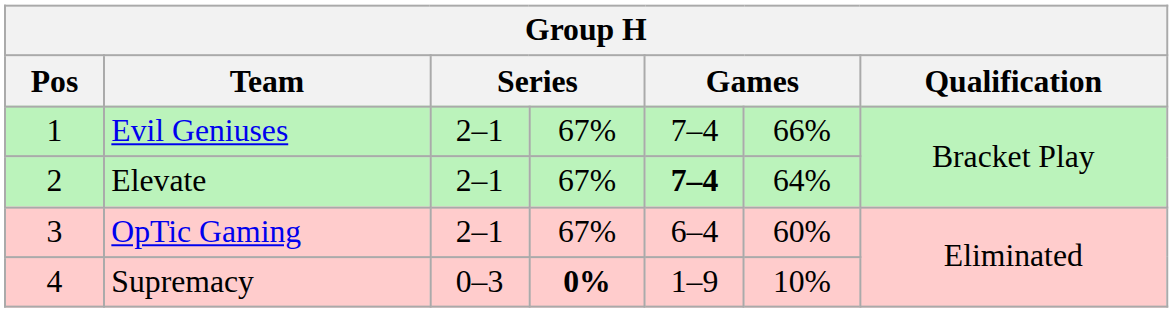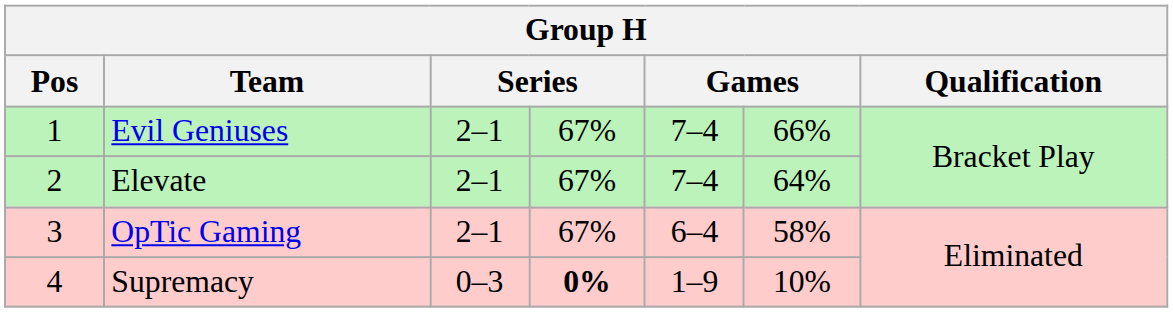 <table class="wikitable" style="display: inline-table; margin-left: 50px;width: 46.5%;">
 <tr>
 <th colspan="7">Group H</th>
 </tr>
 <tr>
 <th>Pos</th>
 <th>Team</th>
 <th colspan="2">Series</th>
 <th colspan="2">Games</th>
 <th>Qualification</th>
 </tr>
 <tr>
 <td style="text-align:center; background:#BBF3BB;">1</td>
 <td style="text-align:left; background:#BBF3BB;"><a href='#'>Evil Geniuses</a></td>
 <td style="text-align:center; background:#BBF3BB;">2–1</td>
 <td style="text-align:center; background:#BBF3BB;">67%</td>
 <td style="text-align:center; background:#BBF3BB;">7–4</td>
 <td style="text-align:center; background:#BBF3BB;">66%</td>
 <td style="text-align:center; background:#BBF3BB;" rowspan="2">Bracket Play</td>
 </tr>
 <tr>
 <td style="text-align:center; background:#BBF3BB;">2</td>
 <td style="text-align:left; background:#BBF3BB;">Elevate</td>
 <td style="text-align:center; background:#BBF3BB;">2–1</td>
 <td style="text-align:center; background:#BBF3BB;">67%</td>
-<td style="text-align:center; background:#BBF3BB;"><strong>7–4</strong></td>
+<td style="text-align:center; background:#BBF3BB;">7–4</td>
 <td style="text-align:center; background:#BBF3BB;">64%</td>
 </tr>
 <tr>
 <td style="text-align:center; background:#FFCCCC;">3</td>
 <td style="text-align:left; background:#FFCCCC;"><a href='#'>OpTic Gaming</a></td>
 <td style="text-align:center; background:#FFCCCC;">2–1</td>
 <td style="text-align:center; background:#FFCCCC;">67%</td>
 <td style="text-align:center; background:#FFCCCC;">6–4</td>
-<td style="text-align:center; background:#FFCCCC;">60%</td>
+<td style="text-align:center; background:#FFCCCC;">58%</td>
 <td style="text-align:center; background:#FFCCCC;" rowspan="2">Eliminated</td>
 </tr>
 <tr>
 <td style="text-align:center; background:#FFCCCC;">4</td>
 <td style="text-align:left; background:#FFCCCC;">Supremacy</td>
 <td style="text-align:center; background:#FFCCCC;">0–3</td>
 <td style="text-align:center; background:#FFCCCC;"><strong>0%</strong></td>
 <td style="text-align:center; background:#FFCCCC;">1–9</td>
 <td style="text-align:center; background:#FFCCCC;">10%</td>
 </tr>
 </table>
